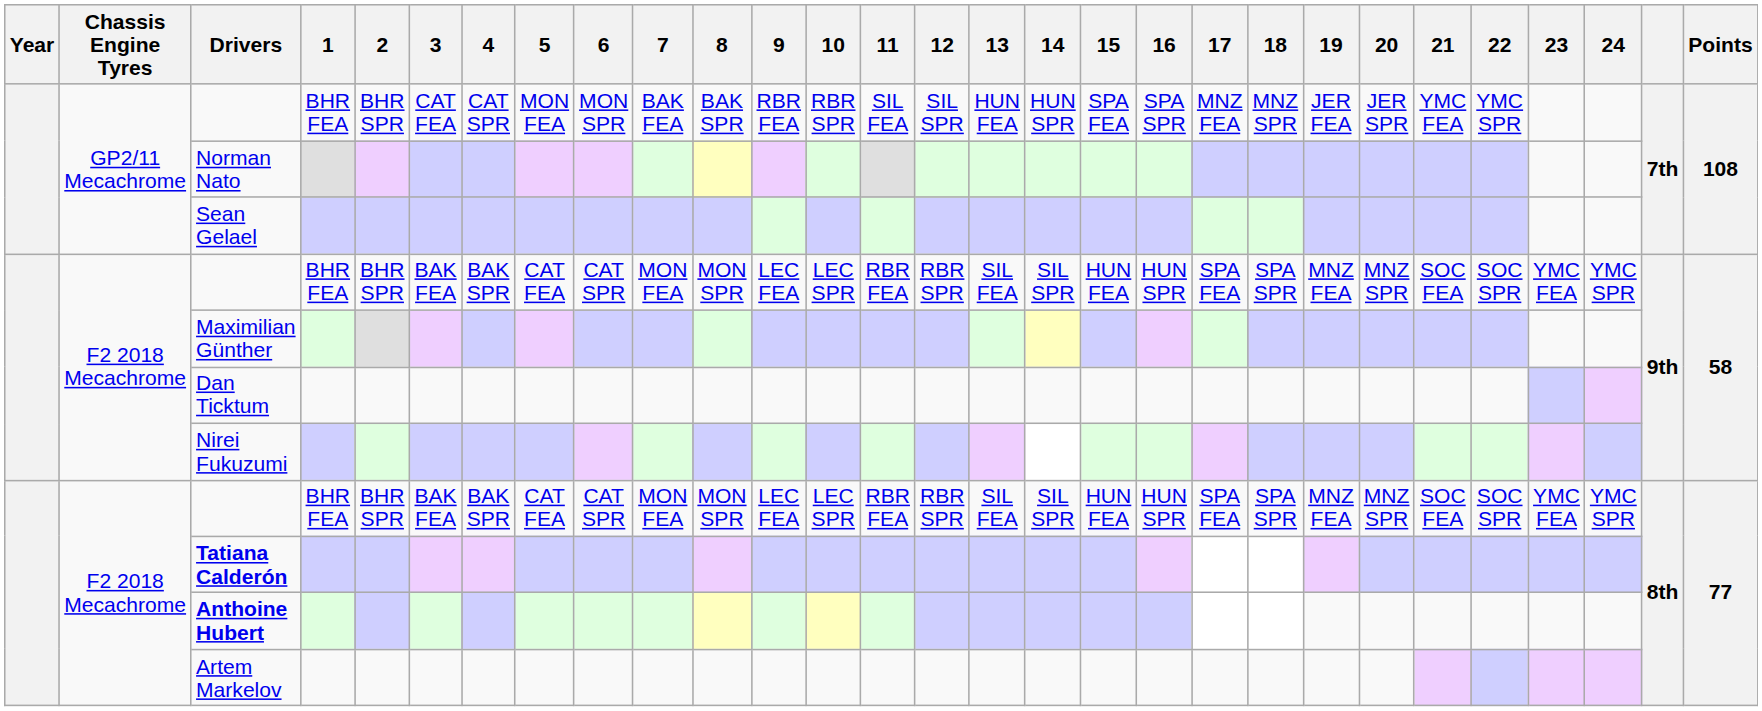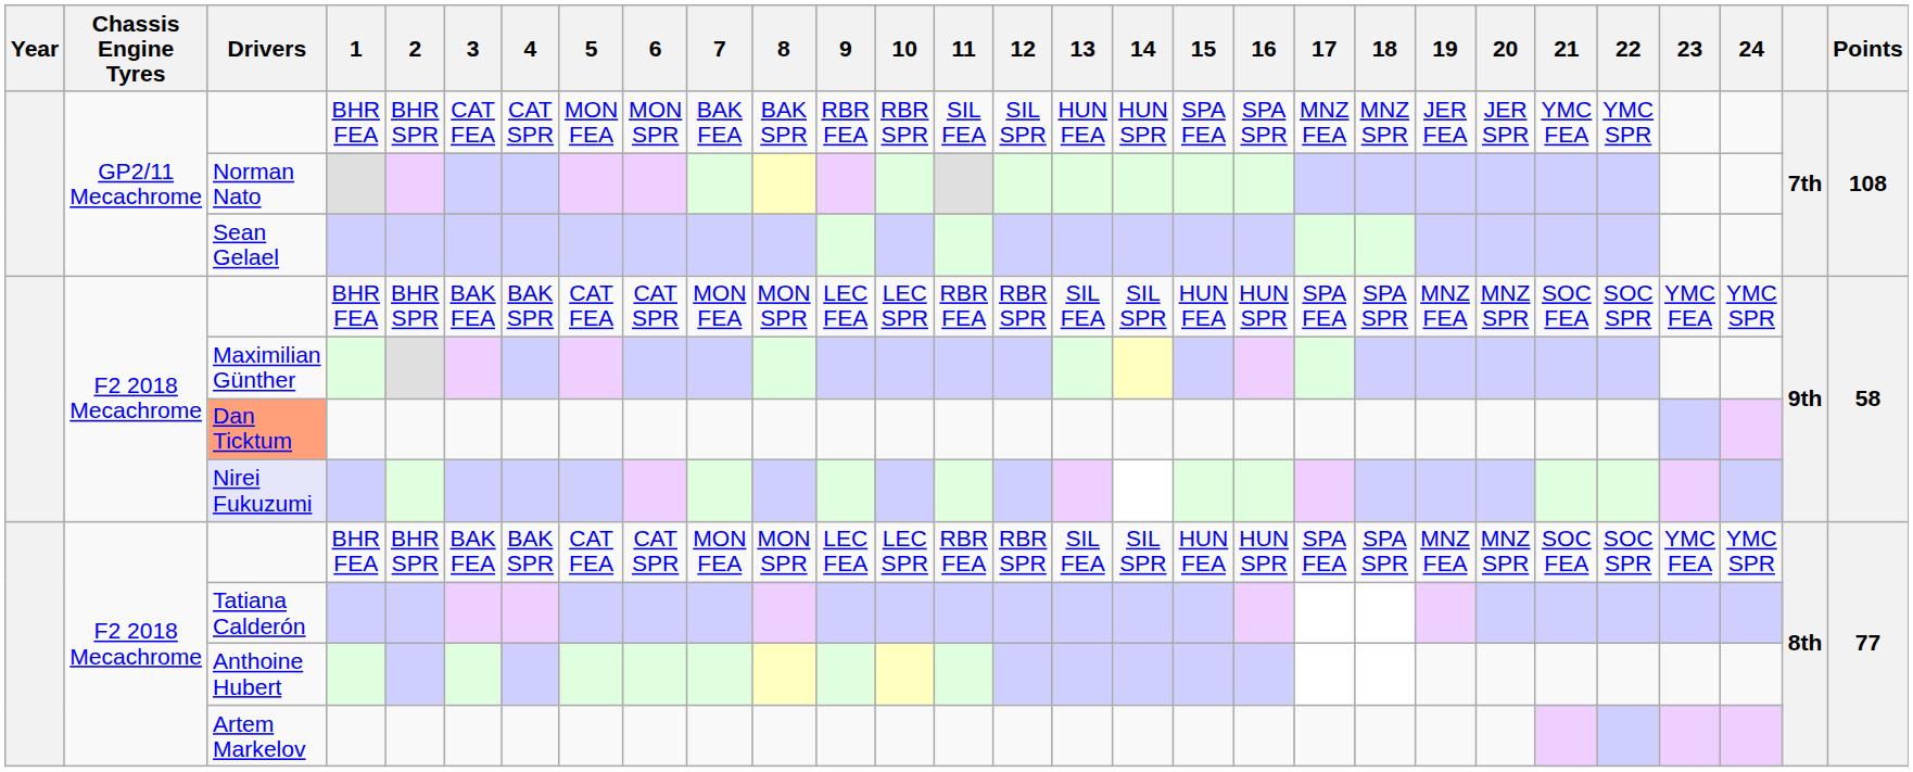 <table class="wikitable" style="text-align:center; font-size:85%">
 <tr>
 <th>Year</th>
 <th>Chassis<br>Engine<br>Tyres</th>
 <th>Drivers</th>
 <th>1</th>
 <th>2</th>
 <th>3</th>
 <th>4</th>
 <th>5</th>
 <th>6</th>
 <th>7</th>
 <th>8</th>
 <th>9</th>
 <th>10</th>
 <th>11</th>
 <th>12</th>
 <th>13</th>
 <th>14</th>
 <th>15</th>
 <th>16</th>
 <th>17</th>
 <th>18</th>
 <th>19</th>
 <th>20</th>
 <th>21</th>
 <th>22</th>
 <th>23</th>
 <th>24</th>
 <th></th>
 <th>Points</th>
 </tr>
 <tr>
 <th rowspan=3></th>
 <td rowspan=3><a href='#'>GP2/11</a><br><a href='#'>Mecachrome</a><br></td>
 <td></td>
 <td><a href='#'>BHR<br>FEA</a></td>
 <td><a href='#'>BHR<br>SPR</a></td>
 <td><a href='#'>CAT<br>FEA</a></td>
 <td><a href='#'>CAT<br>SPR</a></td>
 <td><a href='#'>MON<br>FEA</a></td>
 <td><a href='#'>MON<br>SPR</a></td>
 <td><a href='#'>BAK<br>FEA</a></td>
 <td><a href='#'>BAK<br>SPR</a></td>
 <td><a href='#'>RBR<br>FEA</a></td>
 <td><a href='#'>RBR<br>SPR</a></td>
 <td><a href='#'>SIL<br>FEA</a></td>
 <td><a href='#'>SIL<br>SPR</a></td>
 <td><a href='#'>HUN<br>FEA</a></td>
 <td><a href='#'>HUN<br>SPR</a></td>
 <td><a href='#'>SPA<br>FEA</a></td>
 <td><a href='#'>SPA<br>SPR</a></td>
 <td><a href='#'>MNZ<br>FEA</a></td>
 <td><a href='#'>MNZ<br>SPR</a></td>
 <td><a href='#'>JER<br>FEA</a></td>
 <td><a href='#'>JER<br>SPR</a></td>
 <td><a href='#'>YMC<br>FEA</a></td>
 <td><a href='#'>YMC<br>SPR</a></td>
 <td></td>
 <td></td>
 <th rowspan=3>7th</th>
 <th rowspan=3>108</th>
 </tr>
 <tr>
 <td align=left> <a href='#'>Norman Nato</a></td>
 <td style="background:#DFDFDF;"></td>
 <td style="background:#EFCFFF;"></td>
 <td style="background:#CFCFFF;"></td>
 <td style="background:#CFCFFF;"></td>
 <td style="background:#EFCFFF;"></td>
 <td style="background:#EFCFFF;"></td>
 <td style="background:#DFFFDF;"></td>
 <td style="background:#FFFFBF;"></td>
 <td style="background:#EFCFFF;"></td>
 <td style="background:#DFFFDF;"></td>
 <td style="background:#DFDFDF;"></td>
 <td style="background:#DFFFDF;"></td>
 <td style="background:#DFFFDF;"></td>
 <td style="background:#DFFFDF;"></td>
 <td style="background:#DFFFDF;"></td>
 <td style="background:#DFFFDF;"></td>
 <td style="background:#CFCFFF;"></td>
 <td style="background:#CFCFFF;"></td>
 <td style="background:#CFCFFF;"></td>
 <td style="background:#CFCFFF;"></td>
 <td style="background:#CFCFFF;"></td>
 <td style="background:#CFCFFF;"></td>
 <td></td>
 <td></td>
 </tr>
 <tr>
 <td align=left> <a href='#'>Sean Gelael</a></td>
 <td style="background:#CFCFFF;"></td>
 <td style="background:#CFCFFF;"></td>
 <td style="background:#CFCFFF;"></td>
 <td style="background:#CFCFFF;"></td>
 <td style="background:#CFCFFF;"></td>
 <td style="background:#CFCFFF;"></td>
 <td style="background:#CFCFFF;"></td>
 <td style="background:#CFCFFF;"></td>
 <td style="background:#DFFFDF;"></td>
 <td style="background:#CFCFFF;"></td>
 <td style="background:#DFFFDF;"></td>
 <td style="background:#CFCFFF;"></td>
 <td style="background:#CFCFFF;"></td>
 <td style="background:#CFCFFF;"></td>
 <td style="background:#CFCFFF;"></td>
 <td style="background:#CFCFFF;"></td>
 <td style="background:#DFFFDF;"></td>
 <td style="background:#DFFFDF;"></td>
 <td style="background:#CFCFFF;"></td>
 <td style="background:#CFCFFF;"></td>
 <td style="background:#CFCFFF;"></td>
 <td style="background:#CFCFFF;"></td>
 <td></td>
 <td></td>
 </tr>
 <tr>
 <th rowspan=4></th>
 <td rowspan=4><a href='#'>F2 2018</a><br><a href='#'>Mecachrome</a><br></td>
 <td></td>
 <td><a href='#'>BHR<br>FEA</a></td>
 <td><a href='#'>BHR<br>SPR</a></td>
 <td><a href='#'>BAK<br>FEA</a></td>
 <td><a href='#'>BAK<br>SPR</a></td>
 <td><a href='#'>CAT<br>FEA</a></td>
 <td><a href='#'>CAT<br>SPR</a></td>
 <td><a href='#'>MON<br>FEA</a></td>
 <td><a href='#'>MON<br>SPR</a></td>
 <td><a href='#'>LEC<br>FEA</a></td>
 <td><a href='#'>LEC<br>SPR</a></td>
 <td><a href='#'>RBR<br>FEA</a></td>
 <td><a href='#'>RBR<br>SPR</a></td>
 <td><a href='#'>SIL<br>FEA</a></td>
 <td><a href='#'>SIL<br>SPR</a></td>
 <td><a href='#'>HUN<br>FEA</a></td>
 <td><a href='#'>HUN<br>SPR</a></td>
 <td><a href='#'>SPA<br>FEA</a></td>
 <td><a href='#'>SPA<br>SPR</a></td>
 <td><a href='#'>MNZ<br>FEA</a></td>
 <td><a href='#'>MNZ<br>SPR</a></td>
 <td><a href='#'>SOC<br>FEA</a></td>
 <td><a href='#'>SOC<br>SPR</a></td>
 <td><a href='#'>YMC<br>FEA</a></td>
 <td><a href='#'>YMC<br>SPR</a></td>
 <th rowspan=4>9th</th>
 <th rowspan=4>58</th>
 </tr>
 <tr>
 <td align=left> <a href='#'>Maximilian Günther</a></td>
 <td style="background:#DFFFDF;"></td>
 <td style="background:#DFDFDF;"></td>
 <td style="background:#EFCFFF;"></td>
 <td style="background:#CFCFFF;"></td>
 <td style="background:#EFCFFF;"></td>
 <td style="background:#CFCFFF;"></td>
 <td style="background:#CFCFFF;"></td>
 <td style="background:#DFFFDF;"></td>
 <td style="background:#CFCFFF;"></td>
 <td style="background:#CFCFFF;"></td>
 <td style="background:#CFCFFF;"></td>
 <td style="background:#CFCFFF;"></td>
 <td style="background:#DFFFDF;"></td>
 <td style="background:#FFFFBF;"></td>
 <td style="background:#CFCFFF;"></td>
 <td style="background:#EFCFFF;"></td>
 <td style="background:#DFFFDF;"></td>
 <td style="background:#CFCFFF;"></td>
 <td style="background:#CFCFFF;"></td>
 <td style="background:#CFCFFF;"></td>
 <td style="background:#CFCFFF;"></td>
 <td style="background:#CFCFFF;"></td>
 <td></td>
 <td></td>
 </tr>
 <tr>
-<td align=left> <a href='#'>Dan Ticktum</a></td>
+<td align=left style="background: lightsalmon;"> <a href='#'>Dan Ticktum</a></td>
 <td></td>
 <td></td>
 <td></td>
 <td></td>
 <td></td>
 <td></td>
 <td></td>
 <td></td>
 <td></td>
 <td></td>
 <td></td>
 <td></td>
 <td></td>
 <td></td>
 <td></td>
 <td></td>
 <td></td>
 <td></td>
 <td></td>
 <td></td>
 <td></td>
 <td></td>
 <td style="background:#CFCFFF;"></td>
 <td style="background:#EFCFFF;"></td>
 </tr>
 <tr>
-<td align=left> <a href='#'>Nirei Fukuzumi</a></td>
+<td align=left style="background: lavender;"> <a href='#'>Nirei Fukuzumi</a></td>
 <td style="background:#CFCFFF;"></td>
 <td style="background:#DFFFDF;"></td>
 <td style="background:#CFCFFF;"></td>
 <td style="background:#CFCFFF;"></td>
 <td style="background:#CFCFFF;"></td>
 <td style="background:#EFCFFF;"></td>
 <td style="background:#DFFFDF;"></td>
 <td style="background:#CFCFFF;"></td>
 <td style="background:#DFFFDF;"></td>
 <td style="background:#CFCFFF;"></td>
 <td style="background:#DFFFDF;"></td>
 <td style="background:#CFCFFF;"></td>
 <td style="background:#EFCFFF;"></td>
 <td style="background:#FFFFFF;"></td>
 <td style="background:#DFFFDF;"></td>
 <td style="background:#DFFFDF;"></td>
 <td style="background:#EFCFFF;"></td>
 <td style="background:#CFCFFF;"></td>
 <td style="background:#CFCFFF;"></td>
 <td style="background:#CFCFFF;"></td>
 <td style="background:#DFFFDF;"></td>
 <td style="background:#DFFFDF;"></td>
 <td style="background:#EFCFFF;"></td>
 <td style="background:#CFCFFF;"></td>
 </tr>
 <tr>
 <th rowspan=4></th>
 <td rowspan=4><a href='#'>F2 2018</a><br><a href='#'>Mecachrome</a><br></td>
 <td></td>
 <td><a href='#'>BHR<br>FEA</a></td>
 <td><a href='#'>BHR<br>SPR</a></td>
 <td><a href='#'>BAK<br>FEA</a></td>
 <td><a href='#'>BAK<br>SPR</a></td>
 <td><a href='#'>CAT<br>FEA</a></td>
 <td><a href='#'>CAT<br>SPR</a></td>
 <td><a href='#'>MON<br>FEA</a></td>
 <td><a href='#'>MON<br>SPR</a></td>
 <td><a href='#'>LEC<br>FEA</a></td>
 <td><a href='#'>LEC<br>SPR</a></td>
 <td><a href='#'>RBR<br>FEA</a></td>
 <td><a href='#'>RBR<br>SPR</a></td>
 <td><a href='#'>SIL<br>FEA</a></td>
 <td><a href='#'>SIL<br>SPR</a></td>
 <td><a href='#'>HUN<br>FEA</a></td>
 <td><a href='#'>HUN<br>SPR</a></td>
 <td><a href='#'>SPA<br>FEA</a></td>
 <td><a href='#'>SPA<br>SPR</a></td>
 <td><a href='#'>MNZ<br>FEA</a></td>
 <td><a href='#'>MNZ<br>SPR</a></td>
 <td><a href='#'>SOC<br>FEA</a></td>
 <td><a href='#'>SOC<br>SPR</a></td>
 <td><a href='#'>YMC<br>FEA</a></td>
 <td><a href='#'>YMC<br>SPR</a></td>
 <th rowspan=4>8th</th>
 <th rowspan=4>77</th>
 </tr>
 <tr>
-<td align=left><strong> <a href='#'>Tatiana Calderón</a></strong></td>
+<td align=left> <a href='#'>Tatiana Calderón</a></td>
 <td style="background:#CFCFFF;"></td>
 <td style="background:#CFCFFF;"></td>
 <td style="background:#EFCFFF;"></td>
 <td style="background:#EFCFFF;"></td>
 <td style="background:#CFCFFF;"></td>
 <td style="background:#CFCFFF;"></td>
 <td style="background:#CFCFFF;"></td>
 <td style="background:#EFCFFF;"></td>
 <td style="background:#CFCFFF;"></td>
 <td style="background:#CFCFFF;"></td>
 <td style="background:#CFCFFF;"></td>
 <td style="background:#CFCFFF;"></td>
 <td style="background:#CFCFFF;"></td>
 <td style="background:#CFCFFF;"></td>
 <td style="background:#CFCFFF;"></td>
 <td style="background:#EFCFFF;"></td>
 <td style="background:#FFFFFF;"></td>
 <td style="background:#FFFFFF;"></td>
 <td style="background:#EFCFFF;"></td>
 <td style="background:#CFCFFF;"></td>
 <td style="background:#CFCFFF;"></td>
 <td style="background:#CFCFFF;"></td>
 <td style="background:#CFCFFF;"></td>
 <td style="background:#CFCFFF;"></td>
 </tr>
 <tr>
-<td align=left><strong> <a href='#'>Anthoine Hubert</a></strong></td>
+<td align=left> <a href='#'>Anthoine Hubert</a></td>
 <td style="background:#DFFFDF;"></td>
 <td style="background:#CFCFFF;"></td>
 <td style="background:#DFFFDF;"></td>
 <td style="background:#CFCFFF;"></td>
 <td style="background:#DFFFDF;"></td>
 <td style="background:#DFFFDF;"></td>
 <td style="background:#DFFFDF;"></td>
 <td style="background:#FFFFBF;"></td>
 <td style="background:#DFFFDF;"></td>
 <td style="background:#FFFFBF;"></td>
 <td style="background:#DFFFDF;"></td>
 <td style="background:#CFCFFF;"></td>
 <td style="background:#CFCFFF;"></td>
 <td style="background:#CFCFFF;"></td>
 <td style="background:#CFCFFF;"></td>
 <td style="background:#CFCFFF;"></td>
 <td style="background:#ffffff;"></td>
 <td style="background:#ffffff;"></td>
 <td></td>
 <td></td>
 <td></td>
 <td></td>
 <td></td>
 <td></td>
 </tr>
 <tr>
 <td align=left> <a href='#'>Artem Markelov</a></td>
 <td></td>
 <td></td>
 <td></td>
 <td></td>
 <td></td>
 <td></td>
 <td></td>
 <td></td>
 <td></td>
 <td></td>
 <td></td>
 <td></td>
 <td></td>
 <td></td>
 <td></td>
 <td></td>
 <td></td>
 <td></td>
 <td></td>
 <td></td>
 <td style="background:#EFCFFF;"></td>
 <td style="background:#CFCFFF;"></td>
 <td style="background:#EFCFFF;"></td>
 <td style="background:#EFCFFF;"></td>
 </tr>
 </table>
